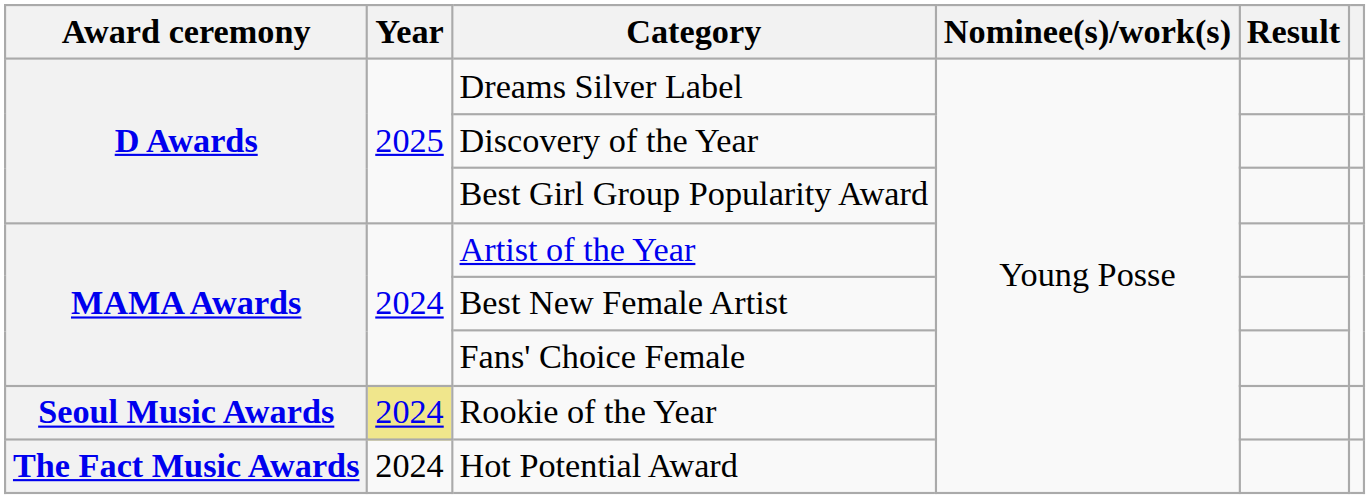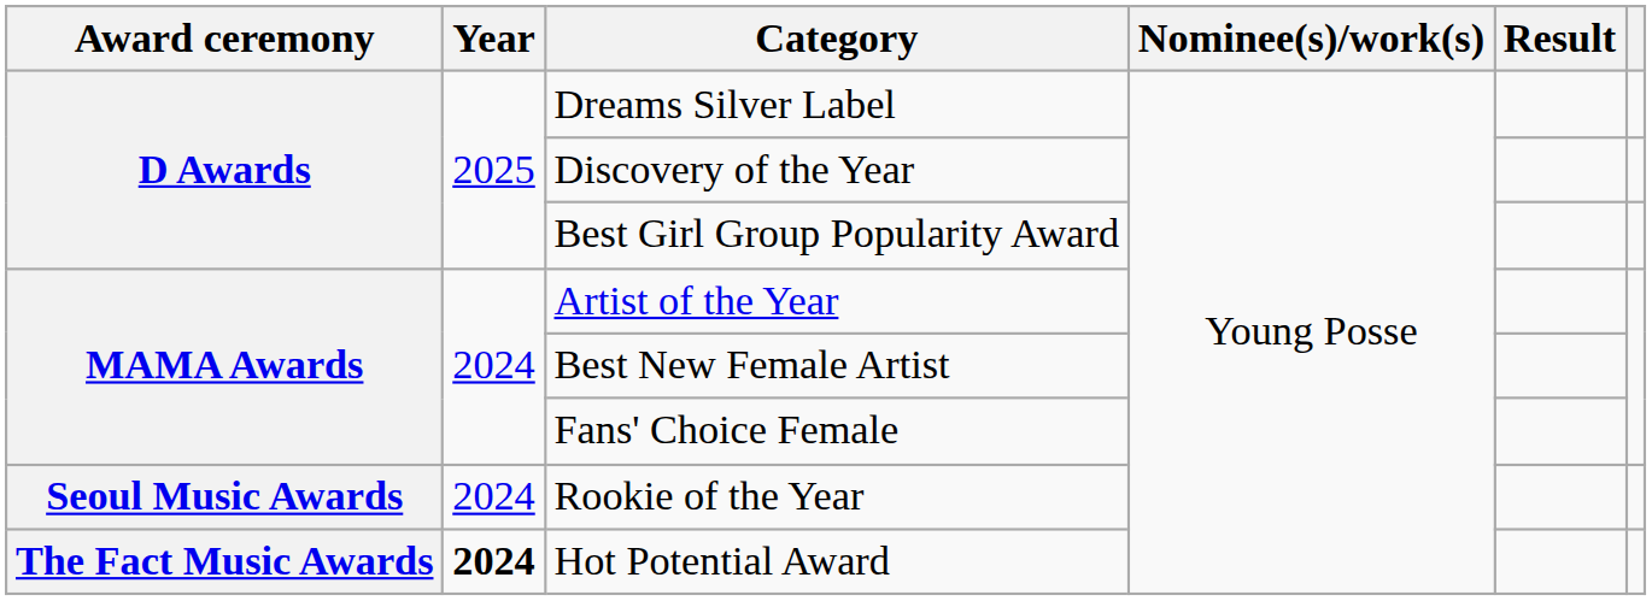 <table class="wikitable plainrowheaders" style="text-align:center">
 <tr>
 <th scope="col">Award ceremony</th>
 <th scope="col">Year</th>
 <th scope="col">Category</th>
 <th scope="col">Nominee(s)/work(s)</th>
 <th scope="col">Result</th>
 <th scope="col" class="unsortable"></th>
 </tr>
 <tr>
 <th scope="row" rowspan="3"><a href='#'>D Awards</a></th>
 <td rowspan="3"><a href='#'>2025</a></td>
 <td style="text-align:left">Dreams Silver Label</td>
 <td rowspan="8">Young Posse</td>
 <td></td>
 <td></td>
 </tr>
 <tr>
 <td style="text-align:left">Discovery of the Year</td>
 <td></td>
 <td></td>
 </tr>
 <tr>
 <td style="text-align:left">Best Girl Group Popularity Award</td>
 <td></td>
 <td></td>
 </tr>
 <tr>
 <th scope="row" rowspan="3"><a href='#'>MAMA Awards</a></th>
 <td rowspan="3"><a href='#'>2024</a></td>
 <td style="text-align:left"><a href='#'>Artist of the Year</a></td>
 <td></td>
 <td rowspan="3"></td>
 </tr>
 <tr>
 <td style="text-align:left">Best New Female Artist</td>
 <td></td>
 </tr>
 <tr>
 <td style="text-align:left">Fans' Choice Female</td>
 <td></td>
 </tr>
 <tr>
 <th scope="row"><a href='#'>Seoul Music Awards</a></th>
-<td style="background: khaki;"><a href='#'>2024</a></td>
+<td><a href='#'>2024</a></td>
 <td style="text-align:left">Rookie of the Year</td>
 <td></td>
 <td></td>
 </tr>
 <tr>
 <th scope="row"><a href='#'>The Fact Music Awards</a></th>
-<td>2024</td>
+<td><strong>2024</strong></td>
 <td style="text-align:left">Hot Potential Award</td>
 <td></td>
 <td></td>
 </tr>
 </table>
